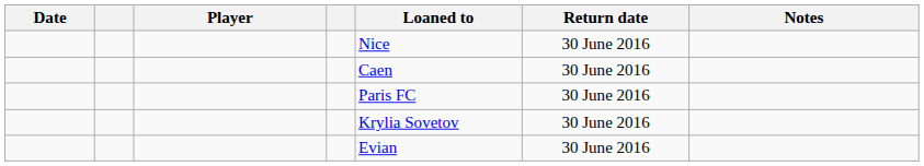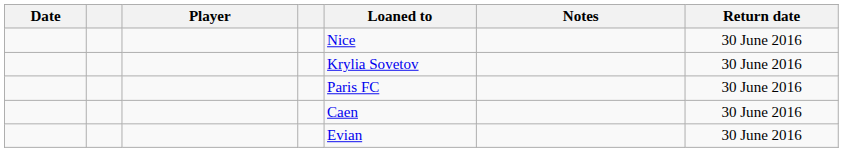 <table class="wikitable sortable">
 <tr>
 <th style="width:80px;">Date</th>
 <th style="width:30px;"></th>
 <th style="width:180px;">Player</th>
 <th style="width:20px;"></th>
 <th style="width:155px;">Loaned to</th>
+<th style="width:215px;" class="unsortable">Notes</th>
 <th style="width:155px;" class="unsortable">Return date</th>
-<th style="width:215px;" class="unsortable">Notes</th>
 </tr>
 <tr>
 <td></td>
 <td align=center></td>
 <td> </td>
 <td></td>
 <td> <a href='#'>Nice</a></td>
+<td align=center></td>
 <td align=center>30 June 2016</td>
+</tr>
+<tr>
+<td></td>
 <td align=center></td>
+<td> </td>
+<td></td>
+<td> <a href='#'>Krylia Sovetov</a></td>
+<td align=center></td>
+<td align=center>30 June 2016</td>
+</tr>
+<tr>
+<td></td>
+<td align=center></td>
+<td> </td>
+<td></td>
+<td> <a href='#'>Paris FC</a></td>
+<td align=center></td>
+<td align=center>30 June 2016</td>
 </tr>
 <tr>
 <td></td>
 <td align=center></td>
 <td> </td>
 <td></td>
 <td> <a href='#'>Caen</a></td>
+<td align=center></td>
 <td align=center>30 June 2016</td>
-<td align=center></td>
-</tr>
-<tr>
-<td></td>
-<td align=center></td>
-<td> </td>
-<td></td>
-<td> <a href='#'>Paris FC</a></td>
-<td align=center>30 June 2016</td>
-<td align=center></td>
-</tr>
-<tr>
-<td></td>
-<td align=center></td>
-<td> </td>
-<td></td>
-<td> <a href='#'>Krylia Sovetov</a></td>
-<td align=center>30 June 2016</td>
-<td align=center></td>
 </tr>
 <tr>
 <td></td>
 <td align=center></td>
 <td> </td>
 <td></td>
 <td> <a href='#'>Evian</a></td>
+<td align=center></td>
 <td align=center>30 June 2016</td>
-<td align=center></td>
 </tr>
 </table>
